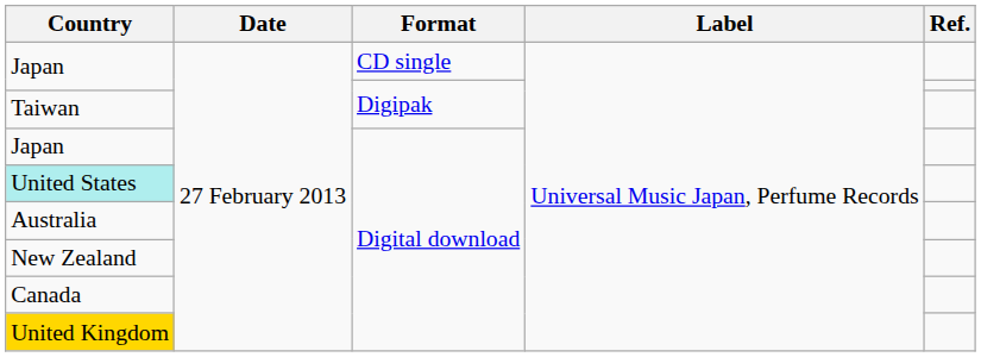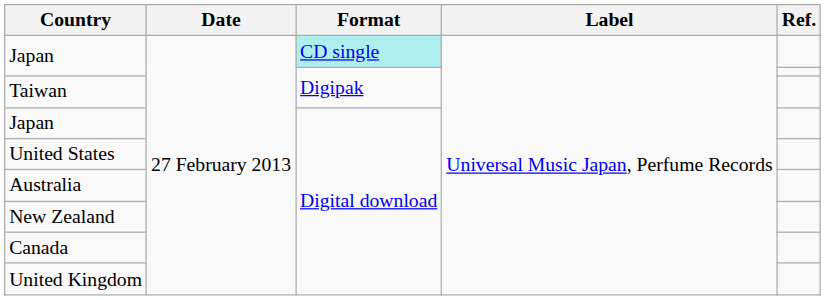 <table class="wikitable plainrowheaders">
 <tr>
 <th scope="col">Country</th>
 <th scope="col">Date</th>
 <th scope="col">Format</th>
 <th scope="col">Label</th>
 <th scope="col">Ref.</th>
 </tr>
 <tr>
 <td rowspan="2">Japan</td>
 <td rowspan="9">27 February 2013</td>
-<td><a href='#'>CD single</a></td>
+<td style="background: paleturquoise;"><a href='#'>CD single</a></td>
 <td rowspan="9"><a href='#'>Universal Music Japan</a>, Perfume Records</td>
 <td></td>
 </tr>
 <tr>
 <td rowspan="2"><a href='#'>Digipak</a></td>
 <td></td>
 </tr>
 <tr>
 <td>Taiwan</td>
 <td></td>
 </tr>
 <tr>
 <td>Japan</td>
 <td rowspan="6"><a href='#'>Digital download</a></td>
 <td></td>
 </tr>
 <tr>
-<td style="background: paleturquoise;">United States</td>
+<td>United States</td>
 <td></td>
 </tr>
 <tr>
 <td>Australia</td>
 <td></td>
 </tr>
 <tr>
 <td>New Zealand</td>
 <td></td>
 </tr>
 <tr>
 <td>Canada</td>
 <td></td>
 </tr>
 <tr>
-<td style="background: gold;">United Kingdom</td>
+<td>United Kingdom</td>
 <td></td>
 </tr>
 </table>
